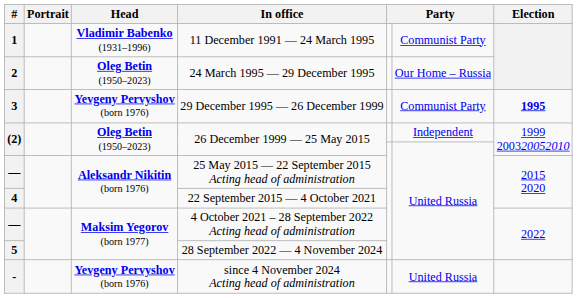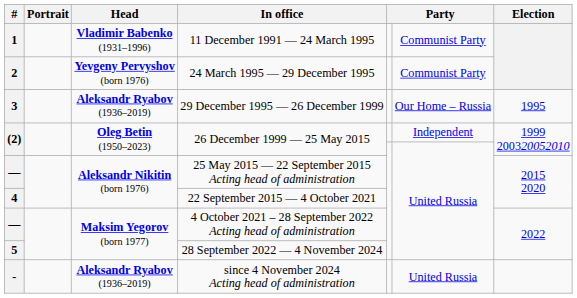 <table class="wikitable" style="text-align: center;">
 <tr>
 <th>#</th>
 <th>Portrait</th>
 <th>Head</th>
 <th>In office</th>
 <th colspan=2>Party</th>
 <th>Election</th>
 </tr>
 <tr>
 <th>1</th>
 <td></td>
 <td><strong><a href='#'>Vladimir Babenko</a></strong><br><small>(1931–1996)</small></td>
 <td>11 December 1991 — 24 March 1995</td>
 <td style="background: "></td>
 <td><a href='#'>Communist Party</a></td>
 <th rowspan=2></th>
 </tr>
 <tr>
 <th>2</th>
 <td></td>
-<td><strong><a href='#'>Oleg Betin</a></strong><br><small>(1950–2023)</small></td>
+<td><strong><a href='#'>Yevgeny Pervyshov</a></strong><br><small>(born 1976)</small></td>
 <td>24 March 1995 — 29 December 1995</td>
 <td style="background: "></td>
-<td><a href='#'>Our Home – Russia</a></td>
+<td><a href='#'>Communist Party</a></td>
 </tr>
 <tr>
 <th>3</th>
 <td></td>
-<td><strong><a href='#'>Yevgeny Pervyshov</a></strong><br><small>(born 1976)</small></td>
+<td><strong><a href='#'>Aleksandr Ryabov</a></strong><br><small>(1936–2019)</small></td>
 <td>29 December 1995 — 26 December 1999</td>
 <td style="background: "></td>
-<td><a href='#'>Communist Party</a></td>
-<td><strong><a href='#'>1995</a></strong></td>
+<td><a href='#'>Our Home – Russia</a></td>
+<td><a href='#'>1995</a></td>
 </tr>
 <tr>
 <th rowspan=2>(2)</th>
 <td rowspan=2></td>
 <td rowspan=2><strong><a href='#'>Oleg Betin</a></strong><br><small>(1950–2023)</small></td>
 <td rowspan=2>26 December 1999 — 25 May 2015</td>
 <td style="background: "></td>
 <td><a href='#'>Independent</a></td>
 <td rowspan=2><a href='#'>1999</a><br><a href='#'>2003</a><em><a href='#'>2005</a></em><em><a href='#'>2010</a></em></td>
 </tr>
 <tr>
 <td rowspan=5; style="background: "></td>
 <td rowspan=5><a href='#'>United Russia</a></td>
 </tr>
 <tr>
 <th>—</th>
 <td rowspan=2></td>
 <td rowspan=2><strong><a href='#'>Aleksandr Nikitin</a></strong><br><small>(born 1976)</small></td>
 <td>25 May 2015 — 22 September 2015<br><em>Acting head of administration</em></td>
 <td rowspan=2><a href='#'>2015</a><br><a href='#'>2020</a></td>
 </tr>
 <tr>
 <th>4</th>
 <td>22 September 2015 — 4 October 2021</td>
 </tr>
 <tr>
 <th>—</th>
 <td rowspan=2></td>
 <td rowspan=2><strong><a href='#'>Maksim Yegorov</a></strong><br><small>(born 1977)</small></td>
 <td>4 October 2021 – 28 September 2022<br><em>Acting head of administration</em></td>
 <td rowspan=2><a href='#'>2022</a></td>
 </tr>
 <tr>
 <th>5</th>
 <td>28 September 2022 — 4 November 2024</td>
 </tr>
 <tr>
 <th>-</th>
 <td></td>
-<td><strong><a href='#'>Yevgeny Pervyshov</a></strong><br><small>(born 1976)</small></td>
+<td><strong><a href='#'>Aleksandr Ryabov</a></strong><br><small>(1936–2019)</small></td>
 <td>since 4 November 2024<br><em>Acting head of administration</em></td>
 <td style="background: "></td>
 <td><a href='#'>United Russia</a></td>
 </tr>
 </table>
